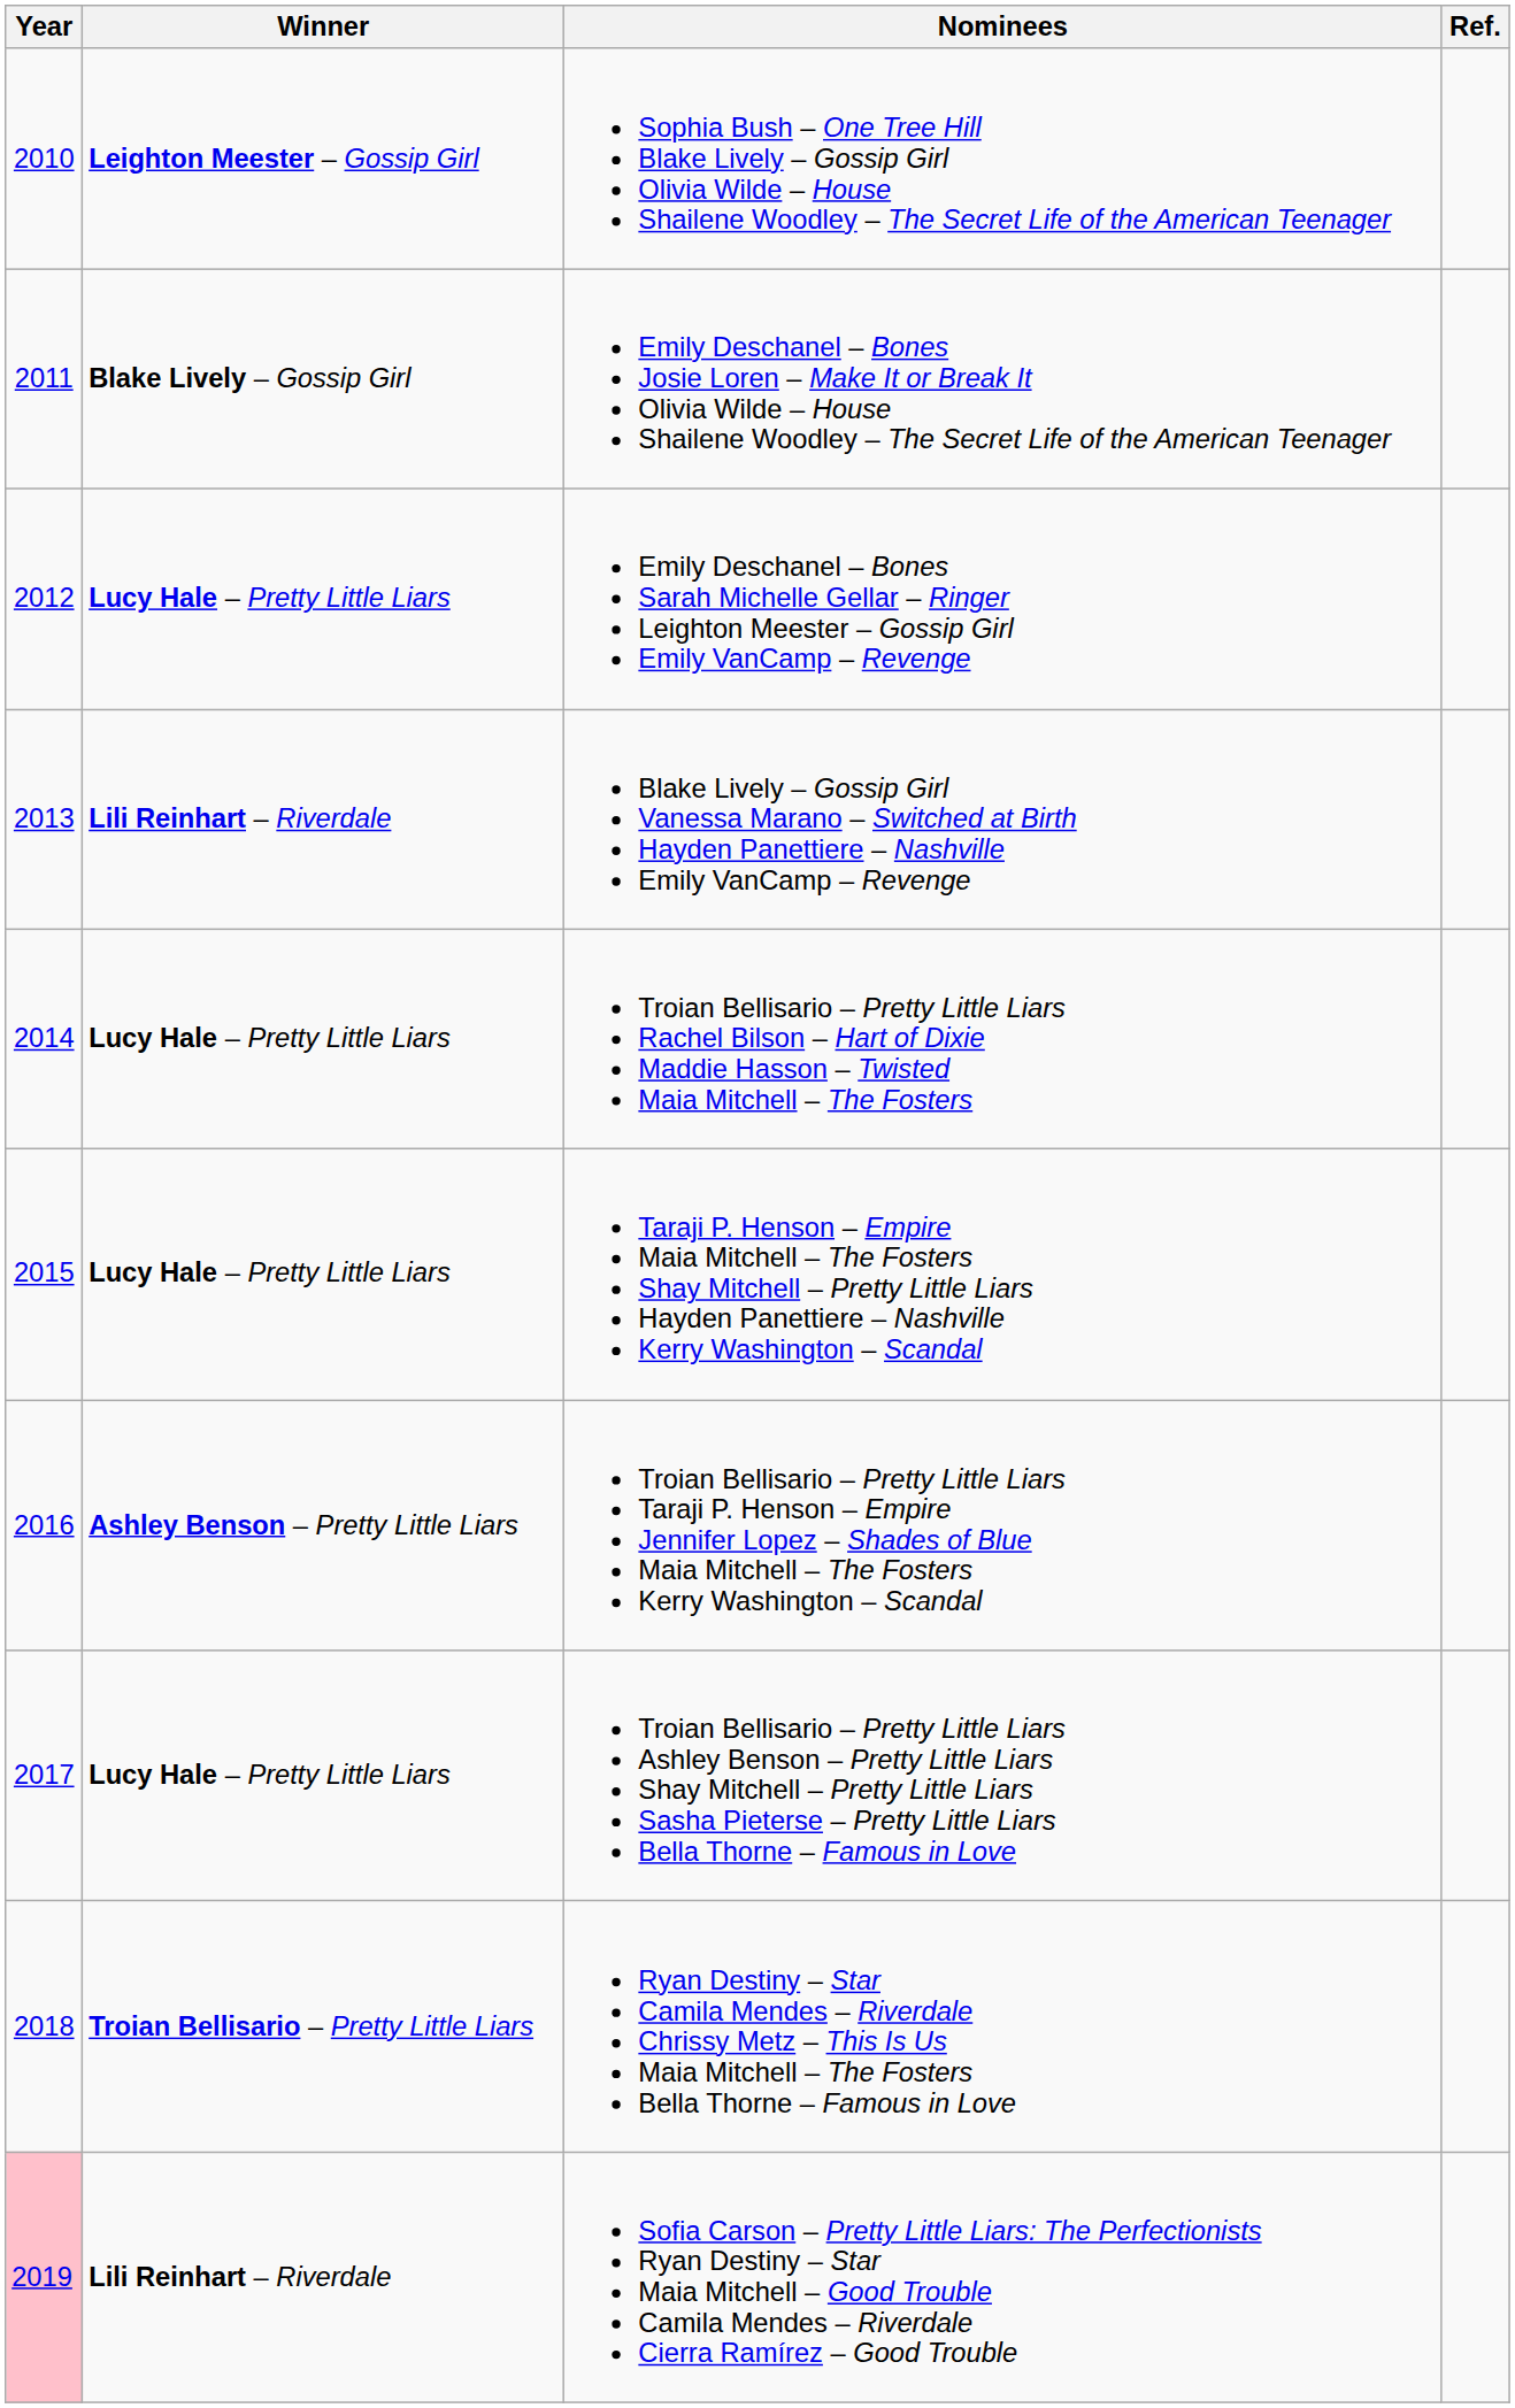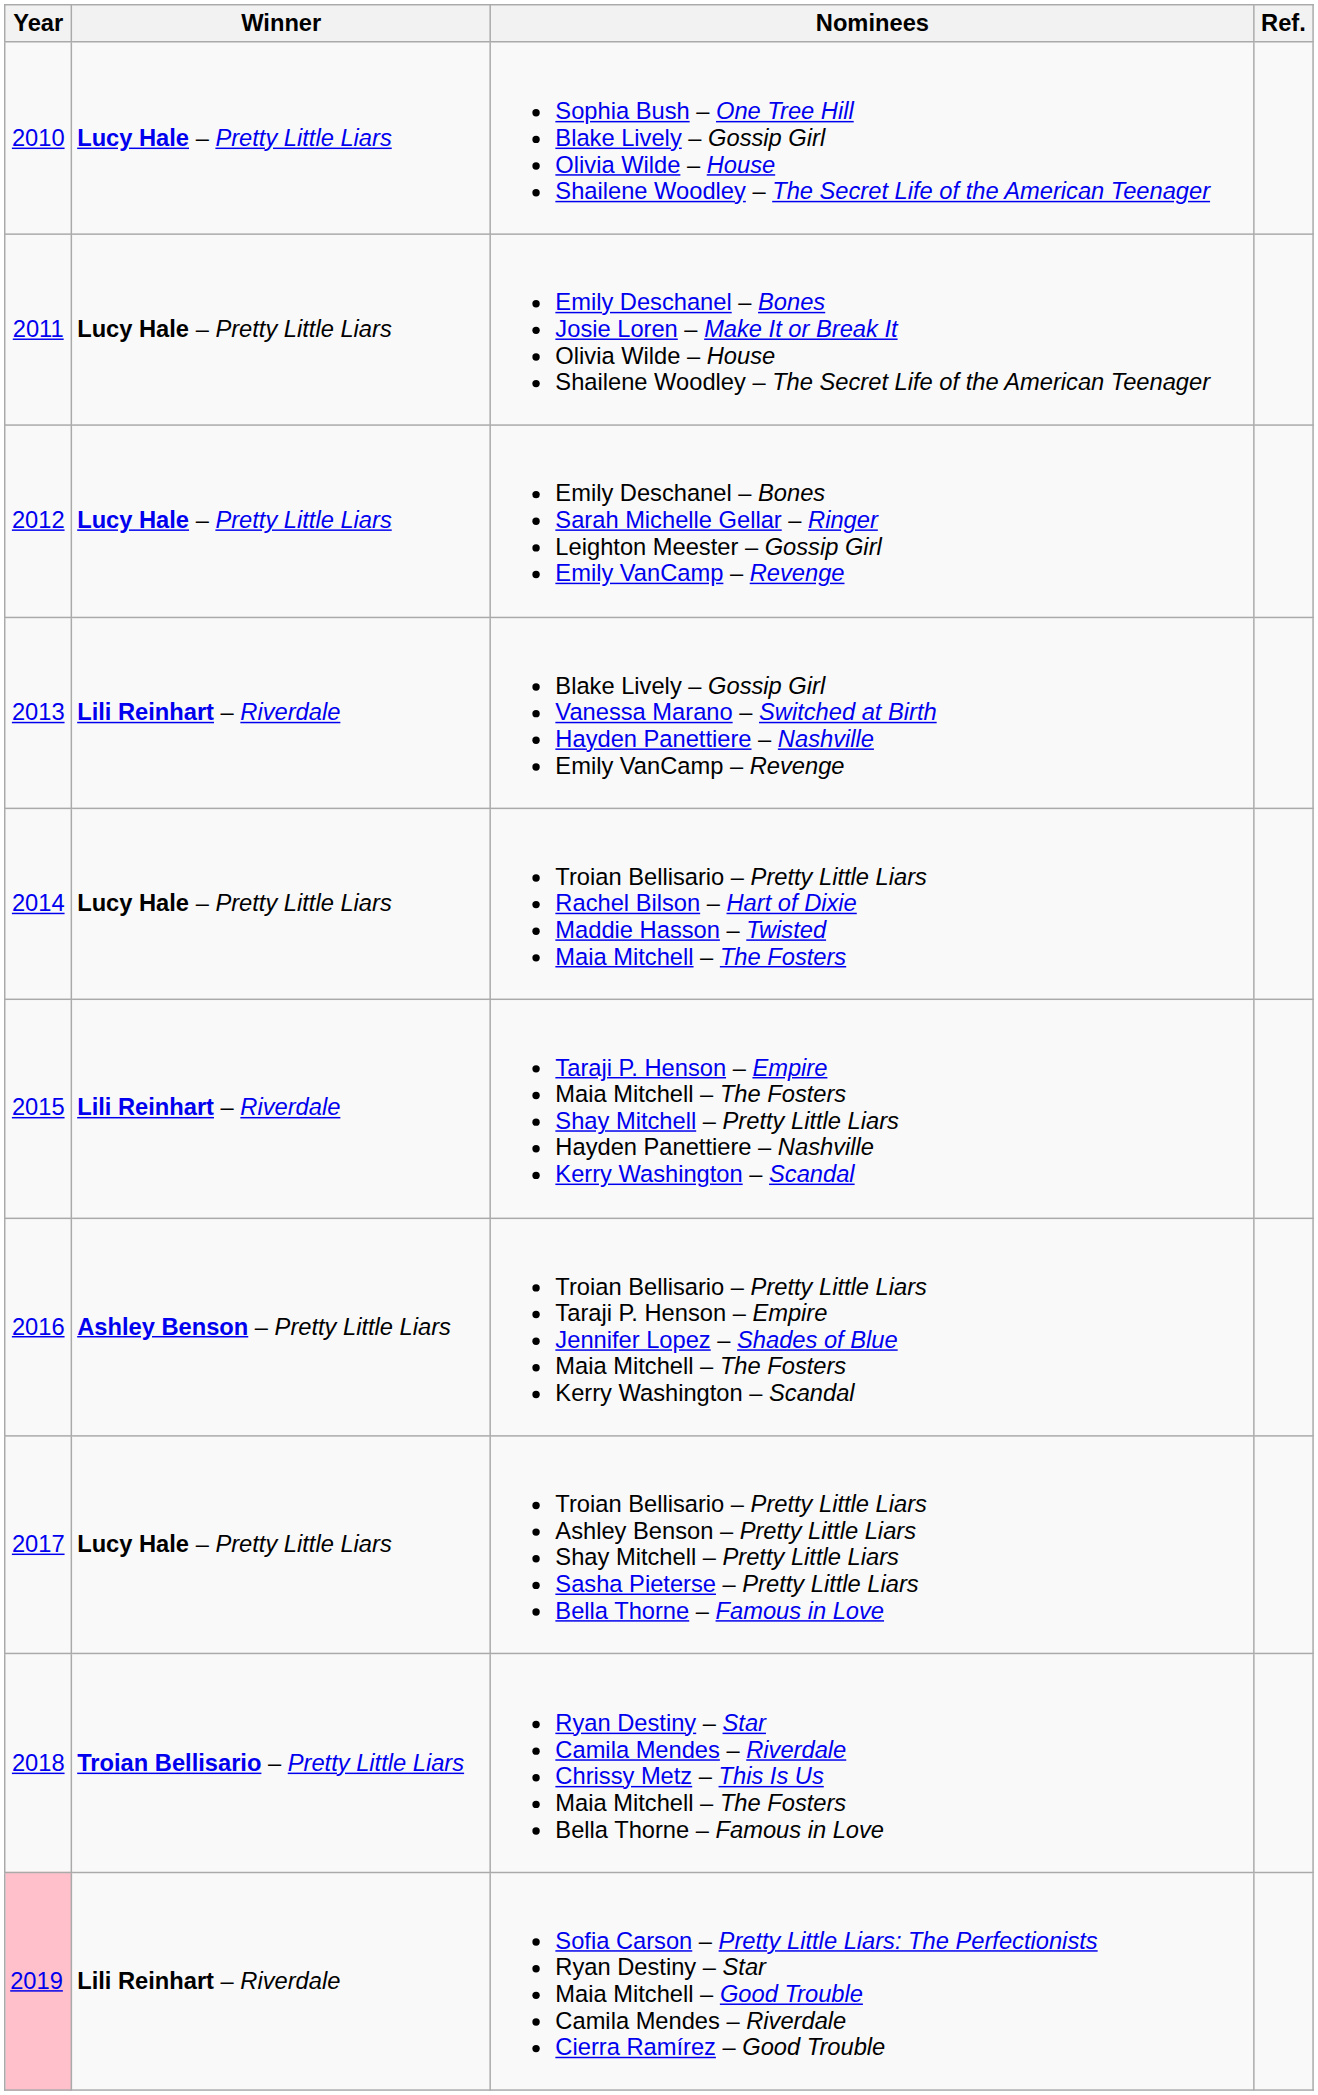 <table class="wikitable" width=70%>
 <tr>
 <th>Year</th>
 <th>Winner</th>
 <th>Nominees</th>
 <th>Ref.</th>
 </tr>
 <tr>
 <td align="center"><a href='#'>2010</a></td>
-<td><strong><a href='#'>Leighton Meester</a></strong> – <em><a href='#'>Gossip Girl</a></em></td>
+<td><strong><a href='#'>Lucy Hale</a></strong> – <em><a href='#'>Pretty Little Liars</a></em></td>
 <td><br><ul><li><a href='#'>Sophia Bush</a> – <em><a href='#'>One Tree Hill</a></em></li><li><a href='#'>Blake Lively</a> – <em>Gossip Girl</em></li><li><a href='#'>Olivia Wilde</a> – <em><a href='#'>House</a></em></li><li><a href='#'>Shailene Woodley</a> – <em><a href='#'>The Secret Life of the American Teenager</a></em></li></ul></td>
 <td align="center"></td>
 </tr>
 <tr>
 <td align="center"><a href='#'>2011</a></td>
-<td><strong>Blake Lively</strong> – <em>Gossip Girl</em></td>
+<td><strong>Lucy Hale</strong> – <em>Pretty Little Liars</em></td>
 <td><br><ul><li><a href='#'>Emily Deschanel</a> – <em><a href='#'>Bones</a></em></li><li><a href='#'>Josie Loren</a> – <em><a href='#'>Make It or Break It</a></em></li><li>Olivia Wilde – <em>House</em></li><li>Shailene Woodley – <em>The Secret Life of the American Teenager</em></li></ul></td>
 <td align="center"></td>
 </tr>
 <tr>
 <td align="center"><a href='#'>2012</a></td>
 <td><strong><a href='#'>Lucy Hale</a></strong> – <em><a href='#'>Pretty Little Liars</a></em></td>
 <td><br><ul><li>Emily Deschanel – <em>Bones</em></li><li><a href='#'>Sarah Michelle Gellar</a> – <em><a href='#'>Ringer</a></em></li><li>Leighton Meester – <em>Gossip Girl</em></li><li><a href='#'>Emily VanCamp</a> – <em><a href='#'>Revenge</a></em></li></ul></td>
 <td align="center"></td>
 </tr>
 <tr>
 <td align="center"><a href='#'>2013</a></td>
 <td><strong><a href='#'>Lili Reinhart</a></strong> – <em><a href='#'>Riverdale</a></em></td>
 <td><br><ul><li>Blake Lively – <em>Gossip Girl</em></li><li><a href='#'>Vanessa Marano</a> – <em><a href='#'>Switched at Birth</a></em></li><li><a href='#'>Hayden Panettiere</a> – <em><a href='#'>Nashville</a></em></li><li>Emily VanCamp – <em>Revenge</em></li></ul></td>
 <td align="center"></td>
 </tr>
 <tr>
 <td align="center"><a href='#'>2014</a></td>
 <td><strong>Lucy Hale</strong> – <em>Pretty Little Liars</em></td>
 <td><br><ul><li>Troian Bellisario – <em>Pretty Little Liars</em></li><li><a href='#'>Rachel Bilson</a> – <em><a href='#'>Hart of Dixie</a></em></li><li><a href='#'>Maddie Hasson</a> – <em><a href='#'>Twisted</a></em></li><li><a href='#'>Maia Mitchell</a> – <em><a href='#'>The Fosters</a></em></li></ul></td>
 <td align="center"></td>
 </tr>
 <tr>
 <td align="center"><a href='#'>2015</a></td>
-<td><strong>Lucy Hale</strong> – <em>Pretty Little Liars</em></td>
+<td><strong><a href='#'>Lili Reinhart</a></strong> – <em><a href='#'>Riverdale</a></em></td>
 <td><br><ul><li><a href='#'>Taraji P. Henson</a> – <em><a href='#'>Empire</a></em></li><li>Maia Mitchell – <em>The Fosters</em></li><li><a href='#'>Shay Mitchell</a> – <em>Pretty Little Liars</em></li><li>Hayden Panettiere – <em>Nashville</em></li><li><a href='#'>Kerry Washington</a> – <em><a href='#'>Scandal</a></em></li></ul></td>
 <td align="center"></td>
 </tr>
 <tr>
 <td align="center"><a href='#'>2016</a></td>
 <td><strong><a href='#'>Ashley Benson</a></strong> – <em>Pretty Little Liars</em></td>
 <td><br><ul><li>Troian Bellisario – <em>Pretty Little Liars</em></li><li>Taraji P. Henson – <em>Empire</em></li><li><a href='#'>Jennifer Lopez</a> – <em><a href='#'>Shades of Blue</a></em></li><li>Maia Mitchell – <em>The Fosters</em></li><li>Kerry Washington – <em>Scandal</em></li></ul></td>
 <td align="center"></td>
 </tr>
 <tr>
 <td align="center"><a href='#'>2017</a></td>
 <td><strong>Lucy Hale</strong> – <em>Pretty Little Liars</em></td>
 <td><br><ul><li>Troian Bellisario – <em>Pretty Little Liars</em></li><li>Ashley Benson – <em>Pretty Little Liars</em></li><li>Shay Mitchell – <em>Pretty Little Liars</em></li><li><a href='#'>Sasha Pieterse</a> – <em>Pretty Little Liars</em></li><li><a href='#'>Bella Thorne</a> – <em><a href='#'>Famous in Love</a></em></li></ul></td>
 <td align="center"></td>
 </tr>
 <tr>
 <td align="center"><a href='#'>2018</a></td>
 <td><strong><a href='#'>Troian Bellisario</a></strong> – <em><a href='#'>Pretty Little Liars</a></em></td>
 <td><br><ul><li><a href='#'>Ryan Destiny</a> – <em><a href='#'>Star</a></em></li><li><a href='#'>Camila Mendes</a> – <em><a href='#'>Riverdale</a></em></li><li><a href='#'>Chrissy Metz</a> – <em><a href='#'>This Is Us</a></em></li><li>Maia Mitchell – <em>The Fosters</em></li><li>Bella Thorne – <em>Famous in Love</em></li></ul></td>
 <td align="center"></td>
 </tr>
 <tr>
 <td style="background: pink;"><a href='#'>2019</a></td>
 <td><strong>Lili Reinhart</strong> – <em>Riverdale</em></td>
 <td><br><ul><li><a href='#'>Sofia Carson</a> – <em><a href='#'>Pretty Little Liars: The Perfectionists</a></em></li><li>Ryan Destiny – <em>Star</em></li><li>Maia Mitchell – <em><a href='#'>Good Trouble</a></em></li><li>Camila Mendes – <em>Riverdale</em></li><li><a href='#'>Cierra Ramírez</a> – <em>Good Trouble</em></li></ul></td>
 <td></td>
 </tr>
 </table>
